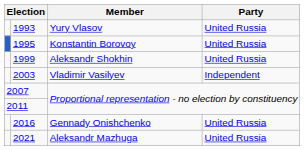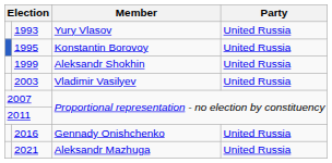 <table class="wikitable">
 <tr>
 <th colspan="2">Election</th>
 <th>Member</th>
 <th>Party</th>
 </tr>
 <tr>
 <td style="background-color:"></td>
 <td><a href='#'>1993</a></td>
 <td><a href='#'>Yury Vlasov</a></td>
 <td><a href='#'>United Russia</a></td>
 </tr>
 <tr>
 <td style="background-color:#295EC4"></td>
 <td><a href='#'>1995</a></td>
 <td><a href='#'>Konstantin Borovoy</a></td>
 <td><a href='#'>United Russia</a></td>
 </tr>
 <tr>
 <td style="background-color:"></td>
 <td><a href='#'>1999</a></td>
 <td><a href='#'>Aleksandr Shokhin</a></td>
 <td><a href='#'>United Russia</a></td>
 </tr>
 <tr>
 <td style="background-color:"></td>
 <td><a href='#'>2003</a></td>
 <td><a href='#'>Vladimir Vasilyev</a></td>
-<td><a href='#'>Independent</a></td>
+<td><a href='#'>United Russia</a></td>
 </tr>
 <tr>
 <td colspan=2><a href='#'>2007</a></td>
 <td colspan=2 rowspan=2><em><a href='#'>Proportional representation</a> - no election by constituency</em></td>
 </tr>
 <tr>
 <td colspan=2><a href='#'>2011</a></td>
 </tr>
 <tr>
 <td style="background-color:"></td>
 <td><a href='#'>2016</a></td>
 <td><a href='#'>Gennady Onishchenko</a></td>
 <td><a href='#'>United Russia</a></td>
 </tr>
 <tr>
 <td style="background-color:"></td>
 <td><a href='#'>2021</a></td>
 <td><a href='#'>Aleksandr Mazhuga</a></td>
 <td><a href='#'>United Russia</a></td>
 </tr>
 </table>
